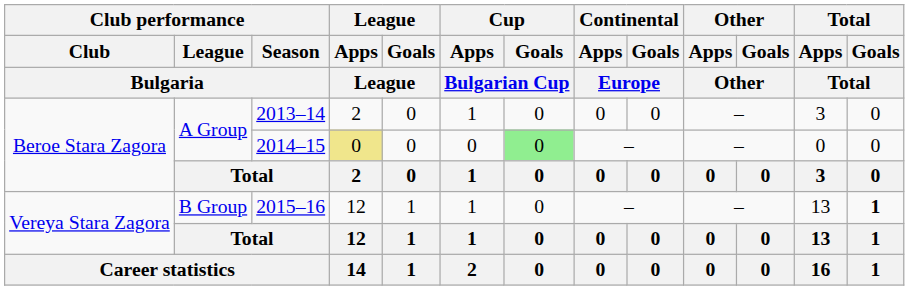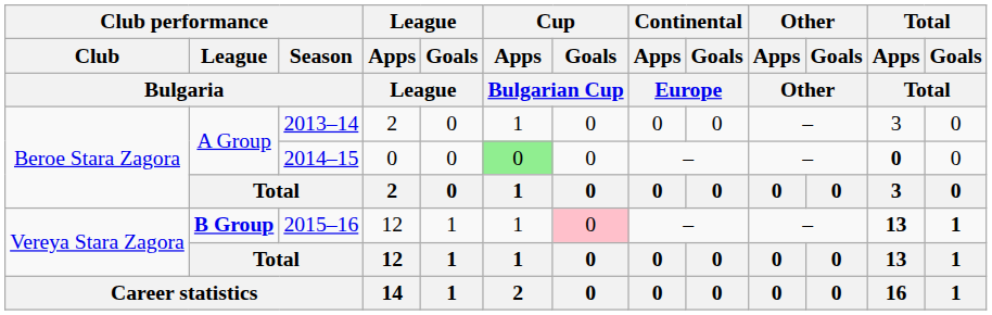 <table class="wikitable" style="text-align: center">
 <tr>
 <th Colspan="3">Club performance</th>
 <th Colspan="2">League</th>
 <th Colspan="2">Cup</th>
 <th Colspan="2">Continental</th>
 <th Colspan="2">Other</th>
 <th Colspan="3">Total</th>
 </tr>
 <tr>
 <th>Club</th>
 <th>League</th>
 <th>Season</th>
 <th>Apps</th>
 <th>Goals</th>
 <th>Apps</th>
 <th>Goals</th>
 <th>Apps</th>
 <th>Goals</th>
 <th>Apps</th>
 <th>Goals</th>
 <th>Apps</th>
 <th>Goals</th>
 </tr>
 <tr>
 <th Colspan="3">Bulgaria</th>
 <th Colspan="2">League</th>
 <th Colspan="2"><a href='#'>Bulgarian Cup</a></th>
 <th Colspan="2"><a href='#'>Europe</a></th>
 <th Colspan="2">Other</th>
 <th Colspan="2">Total</th>
 </tr>
 <tr>
 <td rowspan="3" valign="center"><a href='#'>Beroe Stara Zagora</a></td>
 <td rowspan="2"><a href='#'>A Group</a></td>
 <td><a href='#'>2013–14</a></td>
 <td>2</td>
 <td>0</td>
 <td>1</td>
 <td>0</td>
 <td>0</td>
 <td>0</td>
 <td colspan="2">–</td>
 <td>3</td>
 <td>0</td>
 </tr>
 <tr>
 <td><a href='#'>2014–15</a></td>
-<td style="background: khaki;">0</td>
 <td>0</td>
 <td>0</td>
 <td style="background: lightgreen;">0</td>
+<td>0</td>
 <td colspan="2">–</td>
 <td colspan="2">–</td>
-<td>0</td>
+<td><strong>0</strong></td>
 <td>0</td>
 </tr>
 <tr>
 <th colspan=2>Total</th>
 <th>2</th>
 <th>0</th>
 <th>1</th>
 <th>0</th>
 <th>0</th>
 <th>0</th>
 <th>0</th>
 <th>0</th>
 <th>3</th>
 <th>0</th>
 </tr>
 <tr>
 <td rowspan="2" valign="center"><a href='#'>Vereya Stara Zagora</a></td>
-<td rowspan="1"><a href='#'>B Group</a></td>
+<td rowspan="1"><strong><a href='#'>B Group</a></strong></td>
 <td><a href='#'>2015–16</a></td>
 <td>12</td>
 <td>1</td>
 <td>1</td>
-<td>0</td>
+<td style="background: pink;">0</td>
 <td colspan="2">–</td>
 <td colspan="2">–</td>
-<td>13</td>
+<td><strong>13</strong></td>
 <td><strong>1</strong></td>
 </tr>
 <tr>
 <th colspan=2>Total</th>
 <th>12</th>
 <th>1</th>
 <th>1</th>
 <th>0</th>
 <th>0</th>
 <th>0</th>
 <th>0</th>
 <th>0</th>
 <th>13</th>
 <th>1</th>
 </tr>
 <tr>
 <th colspan="3">Career statistics</th>
 <th>14</th>
 <th>1</th>
 <th>2</th>
 <th>0</th>
 <th>0</th>
 <th>0</th>
 <th>0</th>
 <th>0</th>
 <th>16</th>
 <th>1</th>
 </tr>
 </table>
